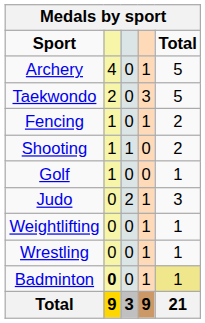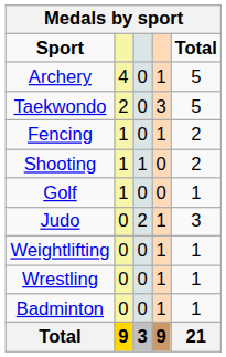 <table class="wikitable" style="font-size:85%; float:right;">
 <tr style="background:#efefef;">
 <th colspan=7>Medals by sport</th>
 </tr>
 <tr align=center>
 <td><strong>Sport</strong></td>
 <td style="background:#f7f6a8;"></td>
 <td style="background:#dce5e5;"></td>
 <td style="background:#ffdab9;"></td>
 <td><strong>Total</strong></td>
 </tr>
 <tr align=center>
 <td><a href='#'>Archery</a></td>
 <td style="background:#f7f6a8;">4</td>
 <td style="background:#dce5e5;">0</td>
 <td style="background:#ffdab9;">1</td>
 <td>5</td>
 </tr>
 <tr align=center>
 <td><a href='#'>Taekwondo</a></td>
 <td style="background:#f7f6a8;">2</td>
 <td style="background:#dce5e5;">0</td>
 <td style="background:#ffdab9;">3</td>
 <td>5</td>
 </tr>
 <tr align=center>
 <td><a href='#'>Fencing</a></td>
 <td style="background:#f7f6a8;">1</td>
 <td style="background:#dce5e5;">0</td>
 <td style="background:#ffdab9;">1</td>
 <td>2</td>
 </tr>
 <tr align=center>
 <td><a href='#'>Shooting</a></td>
 <td style="background:#f7f6a8;">1</td>
 <td style="background:#dce5e5;">1</td>
 <td style="background:#ffdab9;">0</td>
 <td>2</td>
 </tr>
 <tr align=center>
 <td><a href='#'>Golf</a></td>
 <td style="background:#f7f6a8;">1</td>
 <td style="background:#dce5e5;">0</td>
 <td style="background:#ffdab9;">0</td>
 <td>1</td>
 </tr>
 <tr align=center>
 <td><a href='#'>Judo</a></td>
 <td style="background:#f7f6a8;">0</td>
 <td style="background:#dce5e5;">2</td>
 <td style="background:#ffdab9;">1</td>
 <td>3</td>
 </tr>
 <tr align=center>
 <td><a href='#'>Weightlifting</a></td>
 <td style="background:#f7f6a8;">0</td>
 <td style="background:#dce5e5;">0</td>
 <td style="background:#ffdab9;">1</td>
 <td>1</td>
 </tr>
 <tr align=center>
 <td><a href='#'>Wrestling</a></td>
 <td style="background:#f7f6a8;">0</td>
 <td style="background:#dce5e5;">0</td>
 <td style="background:#ffdab9;">1</td>
 <td>1</td>
 </tr>
 <tr align=center>
 <td><a href='#'>Badminton</a></td>
-<td style="background:#f7f6a8;"><strong>0</strong></td>
+<td style="background:#f7f6a8;">0</td>
 <td style="background:#dce5e5;">0</td>
 <td style="background:#ffdab9;">1</td>
-<td style="background: khaki;">1</td>
+<td>1</td>
 </tr>
 <tr align=center>
 <th>Total</th>
 <th style="background:gold;">9</th>
 <th style="background:silver;">3</th>
 <th style="background:#c96;">9</th>
 <th>21</th>
 </tr>
 </table>
